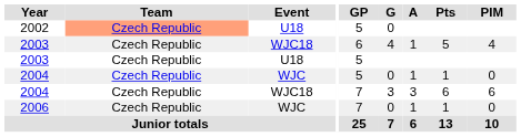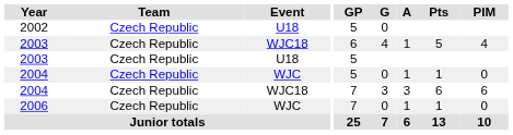 <table border="0" cellpadding="1" cellspacing="0" ID="Table3" style="text-align:center; width:40em">
 <tr ALIGN="center" bgcolor="#e0e0e0">
 <th>Year</th>
 <th>Team</th>
 <th>Event</th>
 <th rowspan="99" bgcolor="#ffffff"></th>
 <th>GP</th>
 <th>G</th>
 <th>A</th>
 <th>Pts</th>
 <th>PIM</th>
 </tr>
 <tr>
 <td>2002</td>
-<td style="background: lightsalmon;"><a href='#'>Czech Republic</a></td>
+<td><a href='#'>Czech Republic</a></td>
 <td><a href='#'>U18</a></td>
 <td>5</td>
 <td>0</td>
 <td></td>
 <td></td>
 <td></td>
 </tr>
 <tr bgcolor="#f0f0f0">
 <td><a href='#'>2003</a></td>
 <td>Czech Republic</td>
 <td><a href='#'>WJC18</a></td>
 <td>6</td>
 <td>4</td>
 <td>1</td>
 <td>5</td>
 <td>4</td>
 </tr>
 <tr>
 <td><a href='#'>2003</a></td>
 <td>Czech Republic</td>
 <td>U18</td>
 <td>5</td>
 <td></td>
 <td></td>
 <td></td>
 <td></td>
 </tr>
 <tr bgcolor="#f0f0f0">
 <td><a href='#'>2004</a></td>
 <td><a href='#'>Czech Republic</a></td>
 <td><a href='#'>WJC</a></td>
 <td>5</td>
 <td>0</td>
 <td>1</td>
 <td>1</td>
 <td>0</td>
 </tr>
 <tr>
 <td><a href='#'>2004</a></td>
 <td>Czech Republic</td>
 <td>WJC18</td>
 <td>7</td>
 <td>3</td>
 <td>3</td>
 <td>6</td>
 <td>6</td>
 </tr>
 <tr bgcolor="#f0f0f0">
 <td><a href='#'>2006</a></td>
 <td>Czech Republic</td>
 <td>WJC</td>
 <td>7</td>
 <td>0</td>
 <td>1</td>
 <td>1</td>
 <td>0</td>
 </tr>
 <tr bgcolor="#e0e0e0">
 <th colspan="3">Junior totals</th>
 <th>25</th>
 <th>7</th>
 <th>6</th>
 <th>13</th>
 <th>10</th>
 </tr>
 </table>
